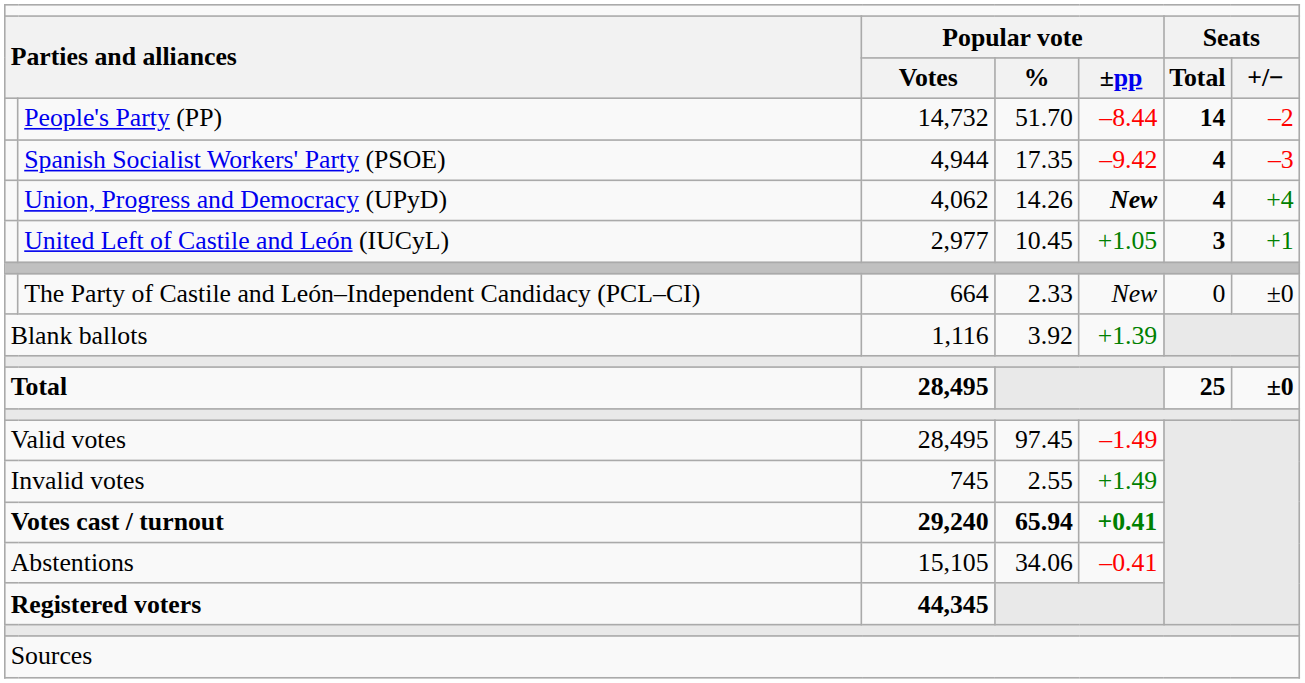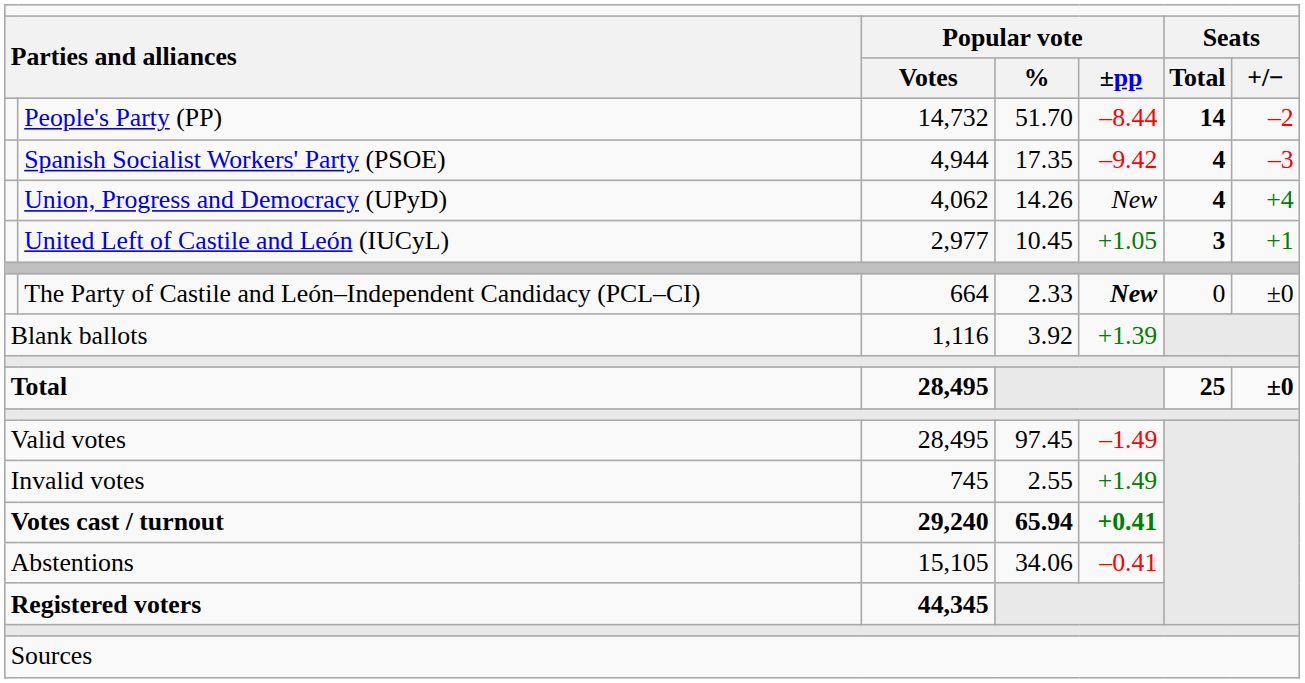 <table class="wikitable" style="text-align:right;">
 <tr>
 <td colspan="7"></td>
 </tr>
 <tr>
 <th style="text-align:left;" rowspan="2" colspan="2" width="525">Parties and alliances</th>
 <th colspan="3">Popular vote</th>
 <th colspan="2">Seats</th>
 </tr>
 <tr>
 <th width="75">Votes</th>
 <th width="45">%</th>
 <th width="45">±<a href='#'>pp</a></th>
 <th width="35">Total</th>
 <th width="35">+/−</th>
 </tr>
 <tr>
 <td width="1" style="color:inherit;background:"></td>
 <td align="left"><a href='#'>People's Party</a> (PP)</td>
 <td>14,732</td>
 <td>51.70</td>
 <td style="color:red;">–8.44</td>
 <td><strong>14</strong></td>
 <td style="color:red;">–2</td>
 </tr>
 <tr>
 <td style="color:inherit;background:"></td>
 <td align="left"><a href='#'>Spanish Socialist Workers' Party</a> (PSOE)</td>
 <td>4,944</td>
 <td>17.35</td>
 <td style="color:red;">–9.42</td>
 <td><strong>4</strong></td>
 <td style="color:red;">–3</td>
 </tr>
 <tr>
 <td style="color:inherit;background:"></td>
 <td align="left"><a href='#'>Union, Progress and Democracy</a> (UPyD)</td>
 <td>4,062</td>
 <td>14.26</td>
-<td><strong><em>New</em></strong></td>
+<td><em>New</em></td>
 <td><strong>4</strong></td>
 <td style="color:green;">+4</td>
 </tr>
 <tr>
 <td style="color:inherit;background:"></td>
 <td align="left"><a href='#'>United Left of Castile and León</a> (IUCyL)</td>
 <td>2,977</td>
 <td>10.45</td>
 <td style="color:green;">+1.05</td>
 <td><strong>3</strong></td>
 <td style="color:green;">+1</td>
 </tr>
 <tr>
 <td colspan="7" bgcolor="#C0C0C0"></td>
 </tr>
 <tr>
 <td style="color:inherit;background:"></td>
 <td align="left">The Party of Castile and León–Independent Candidacy (PCL–CI)</td>
 <td>664</td>
 <td>2.33</td>
-<td><em>New</em></td>
+<td><strong><em>New</em></strong></td>
 <td>0</td>
 <td>±0</td>
 </tr>
 <tr>
 <td align="left" colspan="2">Blank ballots</td>
 <td>1,116</td>
 <td>3.92</td>
 <td style="color:green;">+1.39</td>
 <td bgcolor="#E9E9E9" colspan="2"></td>
 </tr>
 <tr>
 <td colspan="7" bgcolor="#E9E9E9"></td>
 </tr>
 <tr style="font-weight:bold;">
 <td align="left" colspan="2">Total</td>
 <td>28,495</td>
 <td bgcolor="#E9E9E9" colspan="2"></td>
 <td>25</td>
 <td>±0</td>
 </tr>
 <tr>
 <td colspan="7" bgcolor="#E9E9E9"></td>
 </tr>
 <tr>
 <td align="left" colspan="2">Valid votes</td>
 <td>28,495</td>
 <td>97.45</td>
 <td style="color:red;">–1.49</td>
 <td bgcolor="#E9E9E9" colspan="2" rowspan="5"></td>
 </tr>
 <tr>
 <td align="left" colspan="2">Invalid votes</td>
 <td>745</td>
 <td>2.55</td>
 <td style="color:green;">+1.49</td>
 </tr>
 <tr style="font-weight:bold;">
 <td align="left" colspan="2">Votes cast / turnout</td>
 <td>29,240</td>
 <td>65.94</td>
 <td style="color:green;">+0.41</td>
 </tr>
 <tr>
 <td align="left" colspan="2">Abstentions</td>
 <td>15,105</td>
 <td>34.06</td>
 <td style="color:red;">–0.41</td>
 </tr>
 <tr style="font-weight:bold;">
 <td align="left" colspan="2">Registered voters</td>
 <td>44,345</td>
 <td bgcolor="#E9E9E9" colspan="2"></td>
 </tr>
 <tr>
 <td colspan="7" bgcolor="#E9E9E9"></td>
 </tr>
 <tr>
 <td align="left" colspan="7">Sources</td>
 </tr>
 </table>
